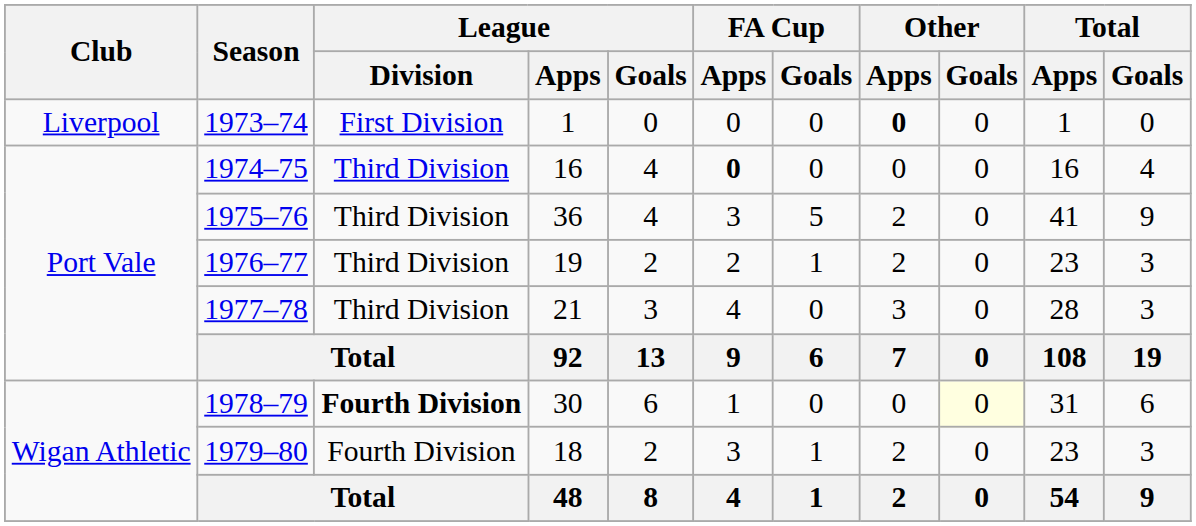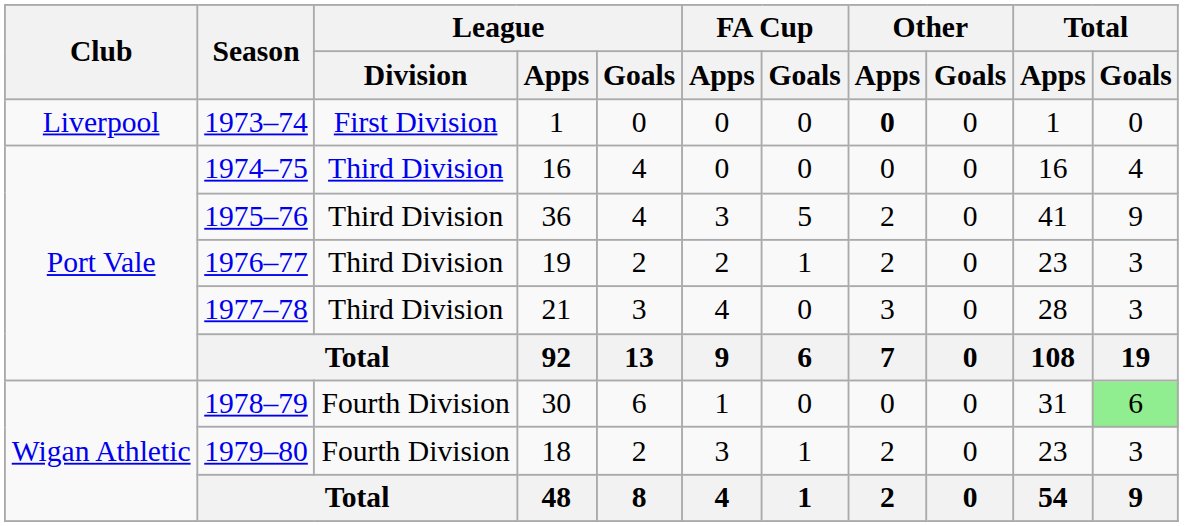 <table class="wikitable" style="text-align:center">
 <tr>
 <th rowspan="2">Club</th>
 <th rowspan="2">Season</th>
 <th colspan="3">League</th>
 <th colspan="2">FA Cup</th>
 <th colspan="2">Other</th>
 <th colspan="2">Total</th>
 </tr>
 <tr>
 <th>Division</th>
 <th>Apps</th>
 <th>Goals</th>
 <th>Apps</th>
 <th>Goals</th>
 <th>Apps</th>
 <th>Goals</th>
 <th>Apps</th>
 <th>Goals</th>
 </tr>
 <tr>
 <td><a href='#'>Liverpool</a></td>
 <td><a href='#'>1973–74</a></td>
 <td><a href='#'>First Division</a></td>
 <td>1</td>
 <td>0</td>
 <td>0</td>
 <td>0</td>
 <td><strong>0</strong></td>
 <td>0</td>
 <td>1</td>
 <td>0</td>
 </tr>
 <tr>
 <td rowspan="5"><a href='#'>Port Vale</a></td>
 <td><a href='#'>1974–75</a></td>
 <td><a href='#'>Third Division</a></td>
 <td>16</td>
 <td>4</td>
-<td><strong>0</strong></td>
+<td>0</td>
 <td>0</td>
 <td>0</td>
 <td>0</td>
 <td>16</td>
 <td>4</td>
 </tr>
 <tr>
 <td><a href='#'>1975–76</a></td>
 <td>Third Division</td>
 <td>36</td>
 <td>4</td>
 <td>3</td>
 <td>5</td>
 <td>2</td>
 <td>0</td>
 <td>41</td>
 <td>9</td>
 </tr>
 <tr>
 <td><a href='#'>1976–77</a></td>
 <td>Third Division</td>
 <td>19</td>
 <td>2</td>
 <td>2</td>
 <td>1</td>
 <td>2</td>
 <td>0</td>
 <td>23</td>
 <td>3</td>
 </tr>
 <tr>
 <td><a href='#'>1977–78</a></td>
 <td>Third Division</td>
 <td>21</td>
 <td>3</td>
 <td>4</td>
 <td>0</td>
 <td>3</td>
 <td>0</td>
 <td>28</td>
 <td>3</td>
 </tr>
 <tr>
 <th colspan="2">Total</th>
 <th>92</th>
 <th>13</th>
 <th>9</th>
 <th>6</th>
 <th>7</th>
 <th>0</th>
 <th>108</th>
 <th>19</th>
 </tr>
 <tr>
 <td rowspan="3"><a href='#'>Wigan Athletic</a></td>
 <td><a href='#'>1978–79</a></td>
-<td><strong>Fourth Division</strong></td>
+<td>Fourth Division</td>
 <td>30</td>
 <td>6</td>
 <td>1</td>
 <td>0</td>
 <td>0</td>
-<td style="background: lightyellow;">0</td>
+<td>0</td>
 <td>31</td>
-<td>6</td>
+<td style="background: lightgreen;">6</td>
 </tr>
 <tr>
 <td><a href='#'>1979–80</a></td>
 <td>Fourth Division</td>
 <td>18</td>
 <td>2</td>
 <td>3</td>
 <td>1</td>
 <td>2</td>
 <td>0</td>
 <td>23</td>
 <td>3</td>
 </tr>
 <tr>
 <th colspan="2">Total</th>
 <th>48</th>
 <th>8</th>
 <th>4</th>
 <th>1</th>
 <th>2</th>
 <th>0</th>
 <th>54</th>
 <th>9</th>
 </tr>
 </table>
